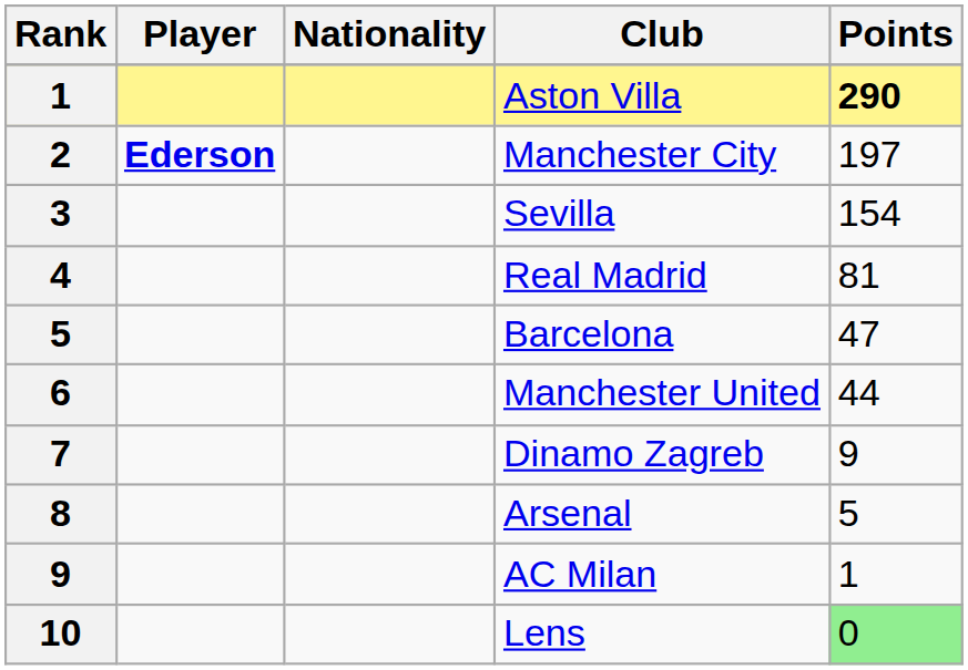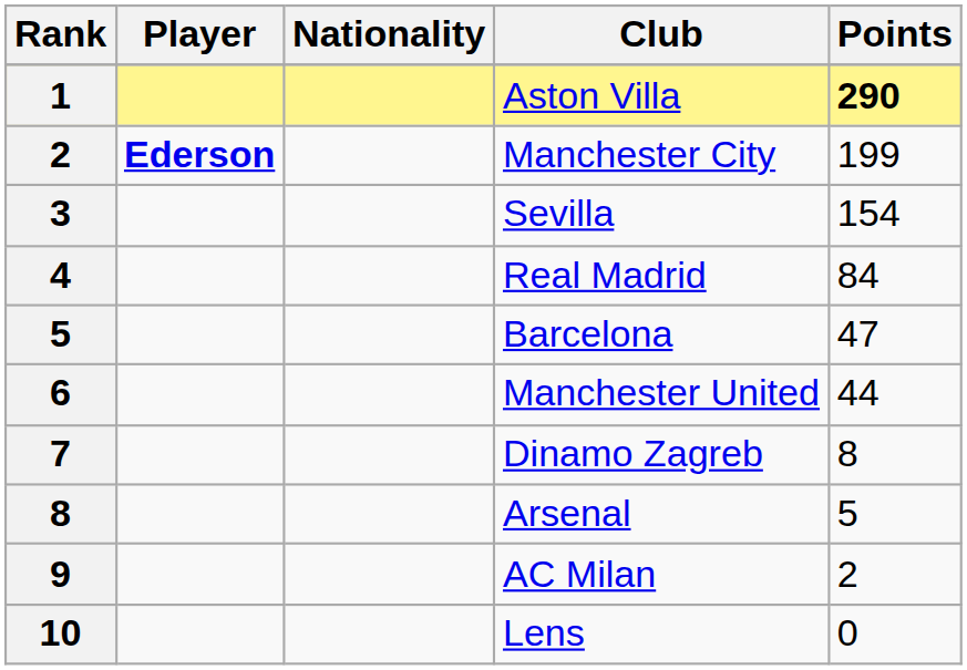 <table class="wikitable sortable">
 <tr>
 <th scope="col">Rank</th>
 <th scope="col">Player</th>
 <th scope="col">Nationality</th>
 <th scope="col">Club</th>
 <th scope="col">Points</th>
 </tr>
 <tr>
 </tr>
 <tr style="background-color:#FFF68F">
 <th scope="row">1</th>
 <td><strong></strong></td>
 <td></td>
 <td> <a href='#'>Aston Villa</a></td>
 <td><strong>290</strong></td>
 </tr>
 <tr>
 <th scope="row">2</th>
 <td><strong><a href='#'>Ederson</a></strong></td>
 <td></td>
 <td> <a href='#'>Manchester City</a></td>
-<td>197</td>
+<td>199</td>
 </tr>
 <tr>
 <th scope="row">3</th>
 <td></td>
 <td></td>
 <td> <a href='#'>Sevilla</a></td>
 <td>154</td>
 </tr>
 <tr>
 <th scope="row">4</th>
 <td></td>
 <td></td>
 <td> <a href='#'>Real Madrid</a></td>
-<td>81</td>
+<td>84</td>
 </tr>
 <tr>
 <th scope="row">5</th>
 <td></td>
 <td></td>
 <td> <a href='#'>Barcelona</a></td>
 <td>47</td>
 </tr>
 <tr>
 <th scope="row">6</th>
 <td></td>
 <td></td>
 <td> <a href='#'>Manchester United</a></td>
 <td>44</td>
 </tr>
 <tr>
 <th scope="row">7</th>
 <td></td>
 <td></td>
 <td> <a href='#'>Dinamo Zagreb</a></td>
-<td>9</td>
+<td>8</td>
 </tr>
 <tr>
 <th scope="row">8</th>
 <td></td>
 <td></td>
 <td> <a href='#'>Arsenal</a></td>
 <td>5</td>
 </tr>
 <tr>
 <th scope="row">9</th>
 <td></td>
 <td></td>
 <td> <a href='#'>AC Milan</a></td>
-<td>1</td>
+<td>2</td>
 </tr>
 <tr>
 <th scope="row">10</th>
 <td></td>
 <td></td>
 <td> <a href='#'>Lens</a></td>
-<td style="background: lightgreen;">0</td>
+<td>0</td>
 </tr>
 </table>
